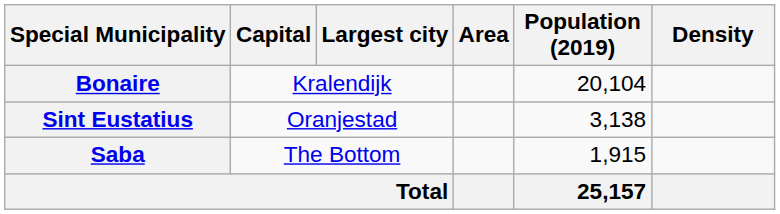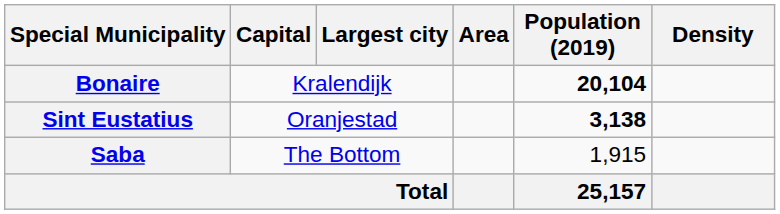 <table class="sortable wikitable plainrowheaders" style="text-align:left;">
 <tr>
 <th scope="col" class="unsortable">Special Municipality</th>
 <th scope="col">Capital</th>
 <th scope="col">Largest city</th>
 <th scope="col">Area</th>
 <th style="width:90px;">Population<br>(2019)</th>
 <th style="width:80px;">Density</th>
 </tr>
 <tr>
 <th scope="row"><a href='#'>Bonaire</a></th>
 <td colspan="2" style="text-align:center;"><a href='#'>Kralendijk</a></td>
 <td style="text-align:right"></td>
-<td style="text-align:right">20,104</td>
+<td style="text-align:right"><strong>20,104</strong></td>
 <td style="text-align:right"></td>
 </tr>
 <tr>
 <th scope="row"><a href='#'>Sint Eustatius</a></th>
 <td colspan="2" style="text-align:center;"><a href='#'>Oranjestad</a></td>
 <td style="text-align:right"></td>
-<td style="text-align:right">3,138</td>
+<td style="text-align:right"><strong>3,138</strong></td>
 <td style="text-align:right"></td>
 </tr>
 <tr>
 <th scope="row"><a href='#'>Saba</a></th>
 <td colspan="2" style="text-align:center;"><a href='#'>The Bottom</a></td>
 <td style="text-align:right"></td>
 <td style="text-align:right">1,915</td>
 <td style="text-align:right"></td>
 </tr>
 <tr class="sortbottom">
 <th colspan="3" style="text-align:right;">Total</th>
 <th style="text-align:right;"></th>
 <th style="text-align:right;">25,157</th>
 <th style="text-align:right;"></th>
 </tr>
 </table>
